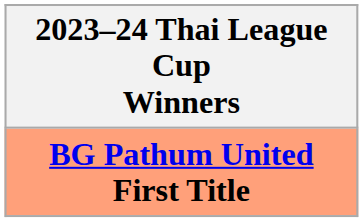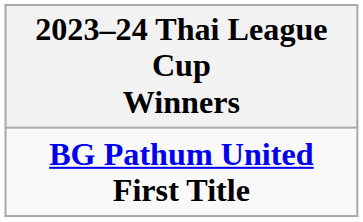 <table class="wikitable" style="text-align: center; margin: 0 auto; width: 20%">
 <tr>
 <th>2023–24 Thai League Cup<br>Winners</th>
 </tr>
 <tr>
-<td align="center" style="background: lightsalmon;"><strong><a href='#'>BG Pathum United</a></strong><br><strong>First Title</strong></td>
+<td align="center"><strong><a href='#'>BG Pathum United</a></strong><br><strong>First Title</strong></td>
 </tr>
 </table>
